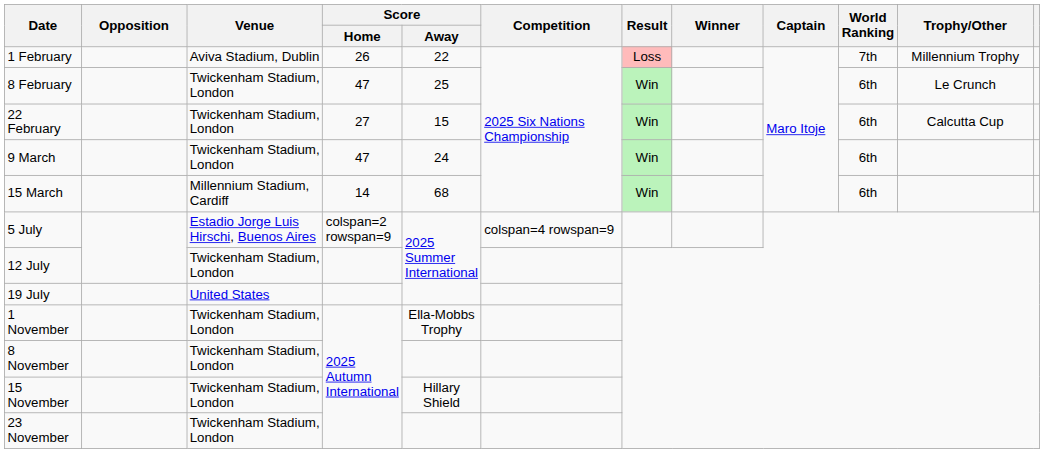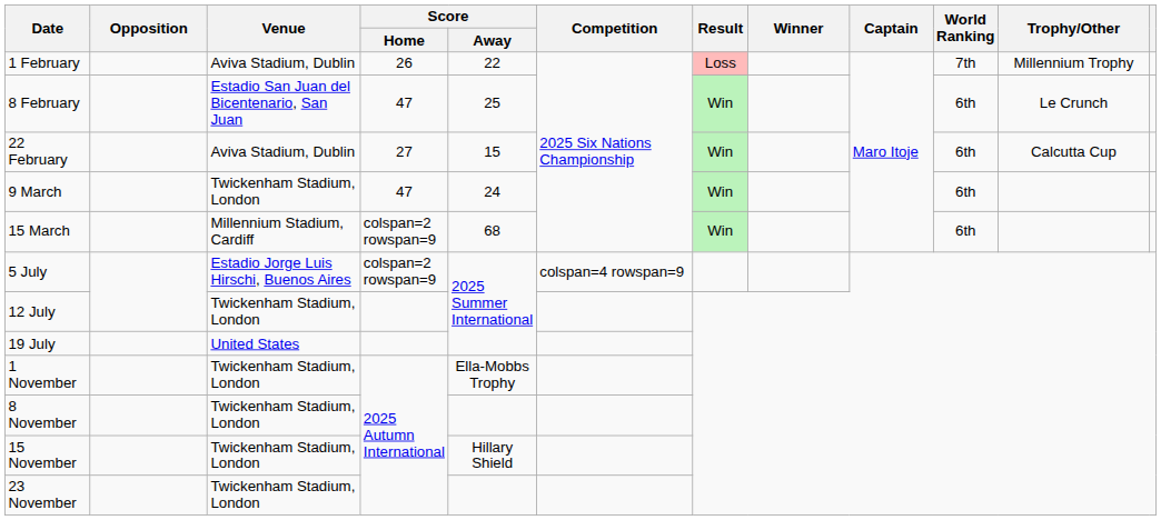 <table class="wikitable">
 <tr>
 <th rowspan=2 width="95">Date</th>
 <th rowspan=2 width="150">Opposition</th>
 <th rowspan=2 width="215">Venue</th>
 <th colspan=2>Score</th>
 <th rowspan=2 width="215">Competition</th>
 <th rowspan=2 width="55">Result</th>
 <th rowspan=2 width="145">Winner</th>
 <th rowspan=2 width="105">Captain</th>
 <th rowspan=2 width="40">World Ranking</th>
 <th rowspan=2 width="205">Trophy/Other </th>
 <th rowspan=2></th>
 </tr>
 <tr>
 <th width="35">Home</th>
 <th width="35">Away</th>
 </tr>
 <tr>
 <td>1 February</td>
 <td></td>
 <td>Aviva Stadium, Dublin</td>
 <td align=center>26</td>
 <td align=center>22</td>
 <td rowspan=5><a href='#'>2025 Six Nations Championship</a></td>
 <td align=center bgcolor=#FFBBBB>Loss</td>
 <td></td>
 <td rowspan=5><a href='#'>Maro Itoje</a></td>
 <td align=center>7th</td>
 <td align=center>Millennium Trophy</td>
 <td align=center></td>
 </tr>
 <tr>
 <td>8 February</td>
 <td></td>
-<td>Twickenham Stadium, London</td>
+<td><a href='#'>Estadio San Juan del Bicentenario</a>, <a href='#'>San Juan</a></td>
 <td align=center>47</td>
 <td align=center>25</td>
 <td align=center bgcolor=#BBF3BB>Win</td>
 <td></td>
 <td align=center>6th</td>
 <td align=center>Le Crunch</td>
 <td align=center></td>
 </tr>
 <tr>
 <td>22 February</td>
 <td></td>
-<td>Twickenham Stadium, London</td>
+<td>Aviva Stadium, Dublin</td>
 <td align=center>27</td>
 <td align=center>15</td>
 <td align=center bgcolor=#BBF3BB>Win</td>
 <td></td>
 <td align=center>6th</td>
 <td align=center>Calcutta Cup</td>
 <td align=center></td>
 </tr>
 <tr>
 <td>9 March</td>
 <td></td>
 <td>Twickenham Stadium, London</td>
 <td align=center>47</td>
 <td align=center>24</td>
 <td align=center bgcolor=#BBF3BB>Win</td>
 <td></td>
 <td align=center>6th</td>
 <td></td>
 <td align=center></td>
 </tr>
 <tr>
 <td>15 March</td>
 <td></td>
 <td>Millennium Stadium, Cardiff</td>
-<td align=center>14</td>
+<td>colspan=2 rowspan=9 </td>
 <td align=center>68</td>
 <td align=center bgcolor=#BBF3BB>Win</td>
 <td></td>
 <td align=center>6th</td>
 <td></td>
 <td align=center></td>
 </tr>
 <tr>
 <td>5 July</td>
 <td rowspan=2></td>
 <td><a href='#'>Estadio Jorge Luis Hirschi</a>, <a href='#'>Buenos Aires</a></td>
 <td>colspan=2 rowspan=9 </td>
 <td rowspan=3><a href='#'>2025 Summer International</a></td>
 <td>colspan=4 rowspan=9 </td>
 <td></td>
 <td align=center></td>
 </tr>
 <tr>
 <td>12 July</td>
 <td>Twickenham Stadium, London</td>
 <td></td>
 <td align=center></td>
 </tr>
 <tr>
 <td>19 July</td>
 <td></td>
 <td><a href='#'>United States</a></td>
 <td></td>
 <td align=center></td>
 </tr>
 <tr>
 <td>1 November</td>
 <td></td>
 <td>Twickenham Stadium, London</td>
 <td rowspan=4><a href='#'>2025 Autumn International</a></td>
 <td align=center>Ella-Mobbs Trophy</td>
 <td align=center></td>
 </tr>
 <tr>
 <td>8 November</td>
 <td></td>
 <td>Twickenham Stadium, London</td>
 <td></td>
 <td align=center></td>
 </tr>
 <tr>
 <td>15 November</td>
 <td></td>
 <td>Twickenham Stadium, London</td>
 <td align=center>Hillary Shield</td>
 <td align=center></td>
 </tr>
 <tr>
 <td>23 November</td>
 <td></td>
 <td>Twickenham Stadium, London</td>
 <td></td>
 <td align=center></td>
 </tr>
 </table>
